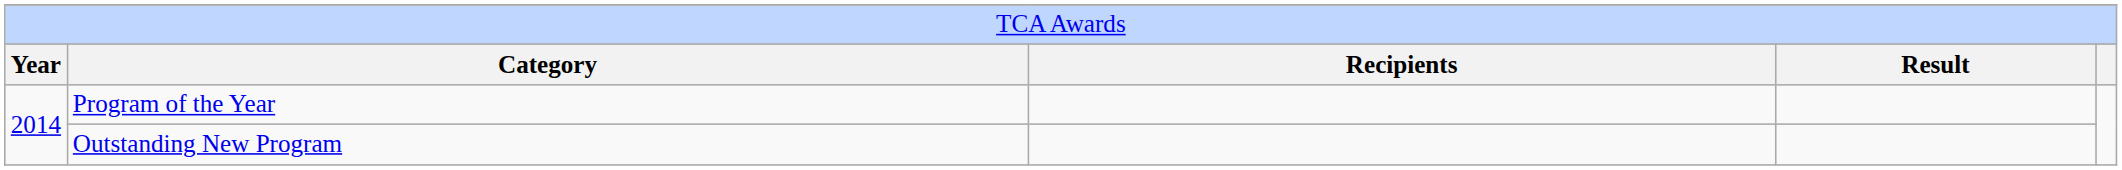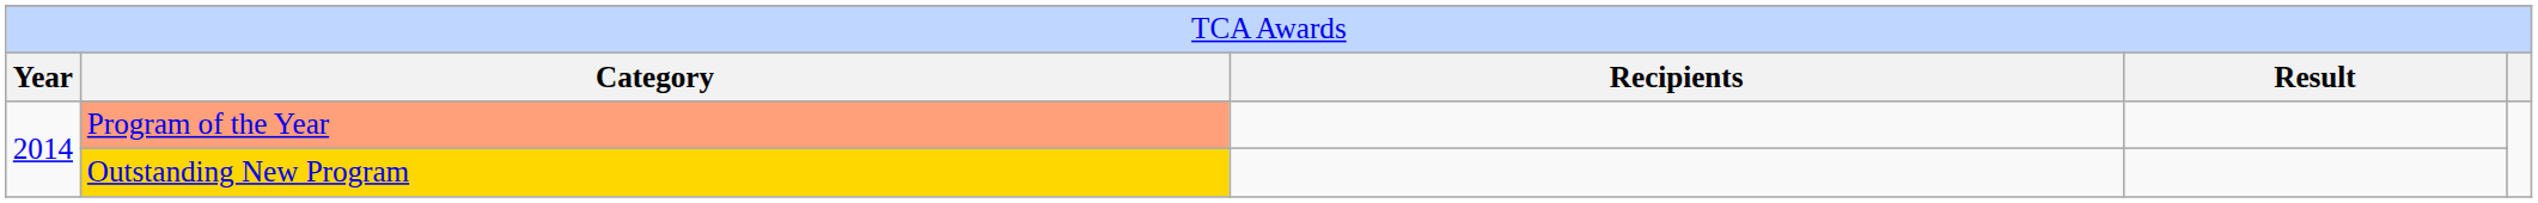 <table class="wikitable plainrowheaders" style="font-size: 100%; width:85%">
 <tr>
 </tr>
 <tr ---- bgcolor="#bfd7ff">
 <td colspan=6 align=center><a href='#'>TCA Awards</a></td>
 </tr>
 <tr ---- bgcolor="#ebf5ff">
 <th scope="col" style="width:2%;">Year</th>
 <th scope="col" style="width:45%;">Category</th>
 <th scope="col" style="width:35%;">Recipients</th>
 <th scope="col" style="width:15%;">Result</th>
 <th scope="col" class="unsortable" style="width:1%;"></th>
 </tr>
 <tr>
 <td rowspan=2 style="text-align:center;"><a href='#'>2014</a></td>
-<td><a href='#'>Program of the Year</a></td>
+<td style="background: lightsalmon;"><a href='#'>Program of the Year</a></td>
 <td></td>
 <td></td>
 <td rowspan=2 style="text-align:center;"></td>
 </tr>
 <tr>
-<td><a href='#'>Outstanding New Program</a></td>
+<td style="background: gold;"><a href='#'>Outstanding New Program</a></td>
 <td></td>
 <td></td>
 </tr>
 </table>
